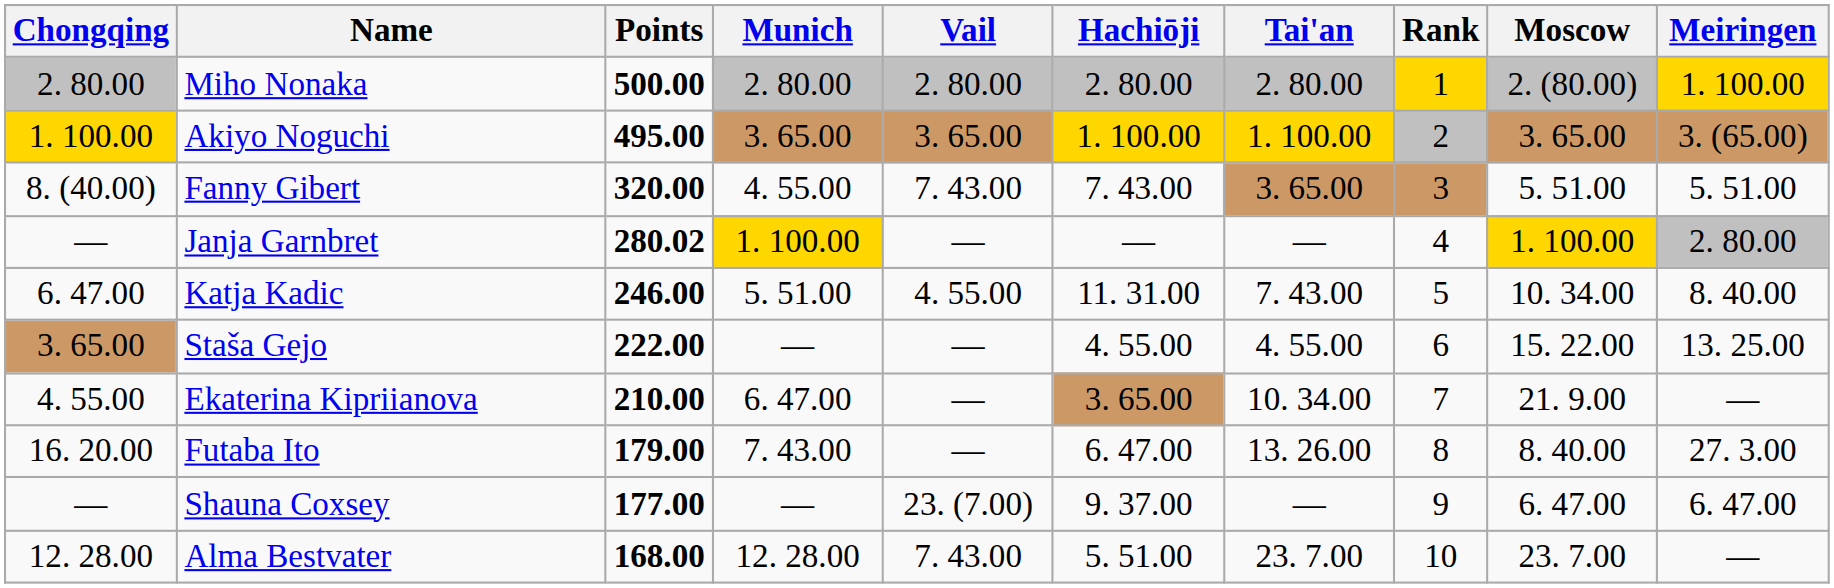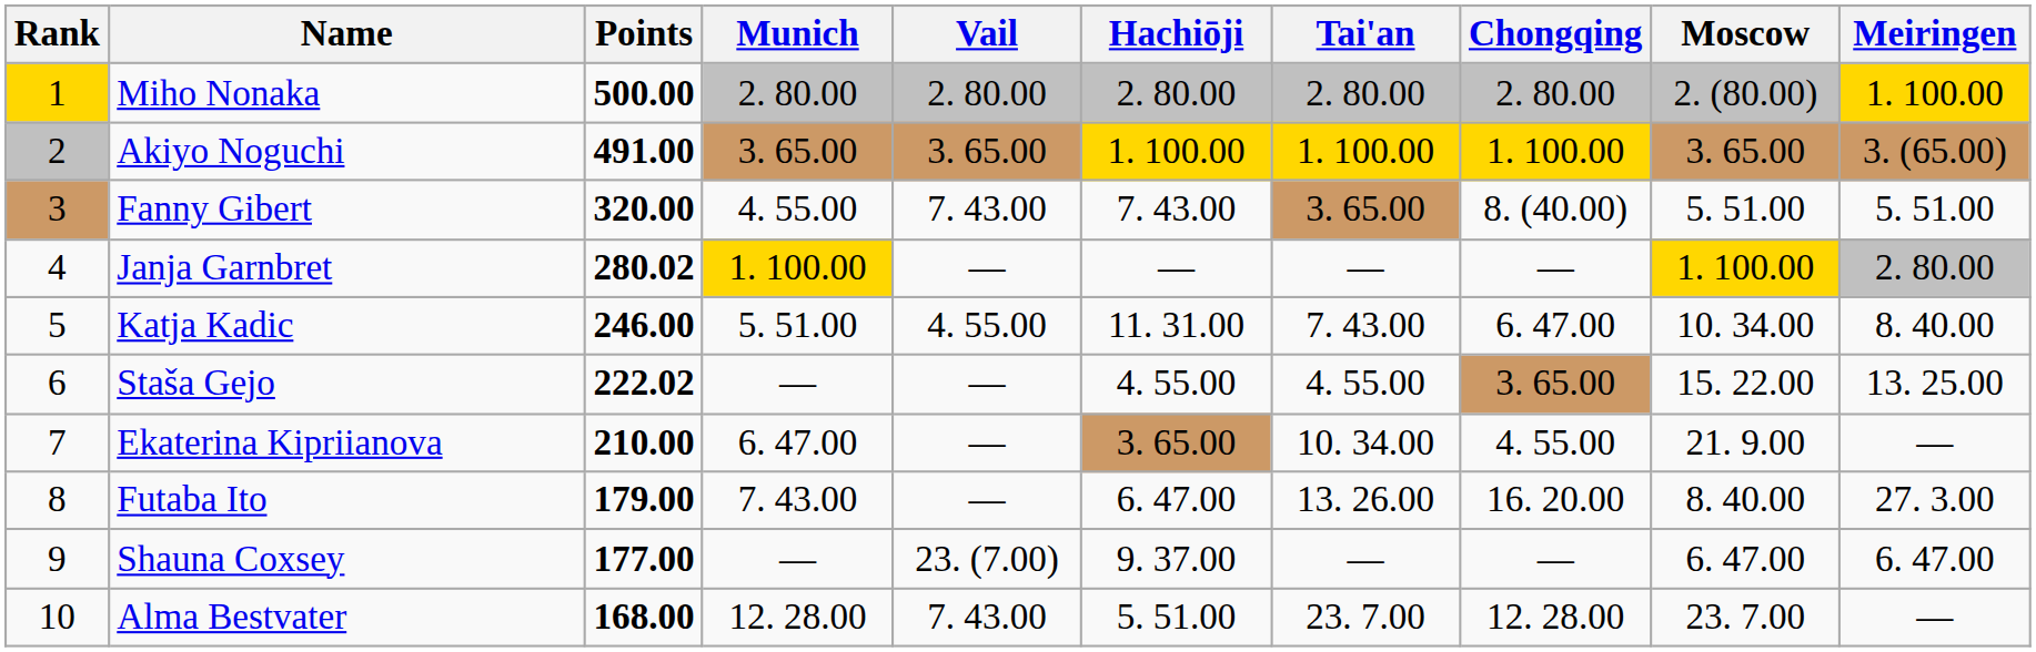 <table class="wikitable sortable">
 <tr>
-<th width = "75" data-sort-type="number"><a href='#'>Chongqing</a></th>
+<th>Rank</th>
 <th width = "200">Name</th>
 <th>Points</th>
 <th width = "75" data-sort-type="number"><a href='#'>Munich</a></th>
 <th width = "75" data-sort-type="number"><a href='#'>Vail</a></th>
 <th width = "75" data-sort-type="number"><a href='#'>Hachiōji</a></th>
 <th width = "75" data-sort-type="number"><a href='#'>Tai'an</a></th>
-<th>Rank</th>
+<th width = "75" data-sort-type="number"><a href='#'>Chongqing</a></th>
 <th width = "75" data-sort-type="number">Moscow</th>
 <th width = "75" data-sort-type="number"><a href='#'>Meiringen</a></th>
 </tr>
 <tr>
-<td align="center" style="background: silver">2. 80.00</td>
+<td align="center" style="background: gold">1</td>
 <td> <a href='#'>Miho Nonaka</a></td>
 <td align="center"><strong>500.00</strong></td>
 <td align="center" style="background: silver">2. 80.00</td>
 <td align="center" style="background: silver">2. 80.00</td>
 <td align="center" style="background: silver">2. 80.00</td>
 <td align="center" style="background: silver">2. 80.00</td>
-<td align="center" style="background: gold">1</td>
+<td align="center" style="background: silver">2. 80.00</td>
 <td align="center" style="background: silver">2. (80.00)</td>
 <td align="center" style="background: gold">1. 100.00</td>
 </tr>
 <tr>
-<td align="center" style="background: gold">1. 100.00</td>
+<td align="center" style="background: silver">2</td>
 <td> <a href='#'>Akiyo Noguchi</a></td>
-<td align="center"><strong>495.00</strong></td>
+<td align="center"><strong>491.00</strong></td>
 <td align="center" style="background: #cc9966">3. 65.00</td>
 <td align="center" style="background: #cc9966">3. 65.00</td>
 <td align="center" style="background: gold">1. 100.00</td>
 <td align="center" style="background: gold">1. 100.00</td>
-<td align="center" style="background: silver">2</td>
+<td align="center" style="background: gold">1. 100.00</td>
 <td align="center" style="background: #cc9966">3. 65.00</td>
 <td align="center" style="background: #cc9966">3. (65.00)</td>
 </tr>
 <tr>
-<td align="center">8. (40.00)</td>
+<td align="center" style="background: #cc9966">3</td>
 <td> <a href='#'>Fanny Gibert</a></td>
 <td align="center"><strong>320.00</strong></td>
 <td align="center">4. 55.00</td>
 <td align="center">7. 43.00</td>
 <td align="center">7. 43.00</td>
 <td align="center" style="background: #cc9966">3. 65.00</td>
-<td align="center" style="background: #cc9966">3</td>
+<td align="center">8. (40.00)</td>
 <td align="center">5. 51.00</td>
 <td align="center">5. 51.00</td>
 </tr>
 <tr>
-<td align="center">—</td>
+<td align="center">4</td>
 <td> <a href='#'>Janja Garnbret</a></td>
 <td align="center"><strong>280.02</strong></td>
 <td align="center" style="background: gold">1. 100.00</td>
 <td align="center">—</td>
 <td align="center">—</td>
 <td align="center">—</td>
-<td align="center">4</td>
+<td align="center">—</td>
 <td align="center" style="background: gold">1. 100.00</td>
 <td align="center" style="background: silver">2. 80.00</td>
 </tr>
 <tr>
-<td align="center">6. 47.00</td>
+<td align="center">5</td>
 <td> <a href='#'>Katja Kadic</a></td>
 <td align="center"><strong>246.00</strong></td>
 <td align="center">5. 51.00</td>
 <td align="center">4. 55.00</td>
 <td align="center">11. 31.00</td>
 <td align="center">7. 43.00</td>
-<td align="center">5</td>
+<td align="center">6. 47.00</td>
 <td align="center">10. 34.00</td>
 <td align="center">8. 40.00</td>
 </tr>
 <tr>
-<td align="center" style="background: #cc9966">3. 65.00</td>
+<td align="center">6</td>
 <td> <a href='#'>Staša Gejo</a></td>
-<td align="center"><strong>222.00</strong></td>
+<td align="center"><strong>222.02</strong></td>
 <td align="center">—</td>
 <td align="center">—</td>
 <td align="center">4. 55.00</td>
 <td align="center">4. 55.00</td>
-<td align="center">6</td>
+<td align="center" style="background: #cc9966">3. 65.00</td>
 <td align="center">15. 22.00</td>
 <td align="center">13. 25.00</td>
 </tr>
 <tr>
-<td align="center">4. 55.00</td>
+<td align="center">7</td>
 <td> <a href='#'>Ekaterina Kipriianova</a></td>
 <td align="center"><strong>210.00</strong></td>
 <td align="center">6. 47.00</td>
 <td align="center">—</td>
 <td align="center" style="background: #cc9966">3. 65.00</td>
 <td align="center">10. 34.00</td>
-<td align="center">7</td>
+<td align="center">4. 55.00</td>
 <td align="center">21. 9.00</td>
 <td align="center">—</td>
 </tr>
 <tr>
-<td align="center">16. 20.00</td>
+<td align="center">8</td>
 <td> <a href='#'>Futaba Ito</a></td>
 <td align="center"><strong>179.00</strong></td>
 <td align="center">7. 43.00</td>
 <td align="center">—</td>
 <td align="center">6. 47.00</td>
 <td align="center">13. 26.00</td>
-<td align="center">8</td>
+<td align="center">16. 20.00</td>
 <td align="center">8. 40.00</td>
 <td align="center">27. 3.00</td>
 </tr>
 <tr>
-<td align="center">—</td>
+<td align="center">9</td>
 <td> <a href='#'>Shauna Coxsey</a></td>
 <td align="center"><strong>177.00</strong></td>
 <td align="center">—</td>
 <td align="center">23. (7.00)</td>
 <td align="center">9. 37.00</td>
 <td align="center">—</td>
-<td align="center">9</td>
+<td align="center">—</td>
 <td align="center">6. 47.00</td>
 <td align="center">6. 47.00</td>
 </tr>
 <tr>
-<td align="center">12. 28.00</td>
+<td align="center">10</td>
 <td> <a href='#'>Alma Bestvater</a></td>
 <td align="center"><strong>168.00</strong></td>
 <td align="center">12. 28.00</td>
 <td align="center">7. 43.00</td>
 <td align="center">5. 51.00</td>
 <td align="center">23. 7.00</td>
-<td align="center">10</td>
+<td align="center">12. 28.00</td>
 <td align="center">23. 7.00</td>
 <td align="center">—</td>
 </tr>
 </table>
